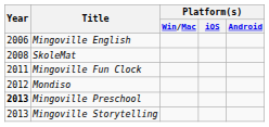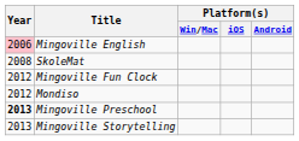 <table class="wikitable">
 <tr>
 <th rowspan="2">Year</th>
 <th rowspan="2">Title</th>
 <th colspan="7">Platform(s)</th>
 </tr>
 <tr>
 <th style="width:3em; font-size:90%"><a href='#'>Win</a>/<a href='#'>Mac</a></th>
 <th style="width:3em; font-size:90%"><a href='#'>iOS</a></th>
 <th style="width:3em; font-size:90%"><a href='#'>Android</a></th>
 </tr>
 <tr>
-<td>2006</td>
+<td style="background: pink;">2006</td>
 <td><em>Mingoville English</em></td>
 <td></td>
 <td></td>
 <td></td>
 </tr>
 <tr>
 <td>2008</td>
 <td><em>SkoleMat</em></td>
 <td></td>
 <td></td>
 <td></td>
 </tr>
 <tr>
-<td>2011</td>
+<td>2012</td>
 <td><em>Mingoville Fun Clock</em></td>
 <td></td>
 <td></td>
 <td></td>
 </tr>
 <tr>
 <td>2012</td>
 <td><em>Mondiso</em></td>
 <td></td>
 <td></td>
 <td></td>
 </tr>
 <tr>
 <td><strong>2013</strong></td>
 <td><em>Mingoville Preschool</em></td>
 <td></td>
 <td></td>
 <td></td>
 </tr>
 <tr>
 <td>2013</td>
 <td><em>Mingoville Storytelling</em></td>
 <td></td>
 <td></td>
 <td></td>
 </tr>
 </table>
